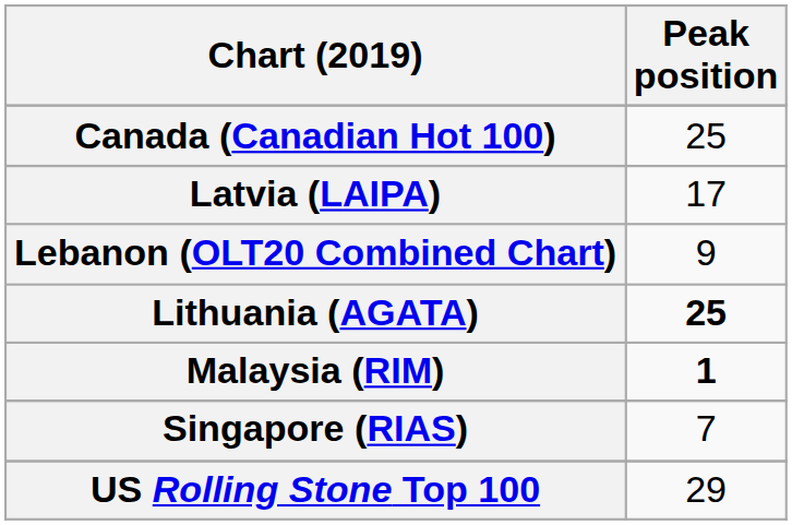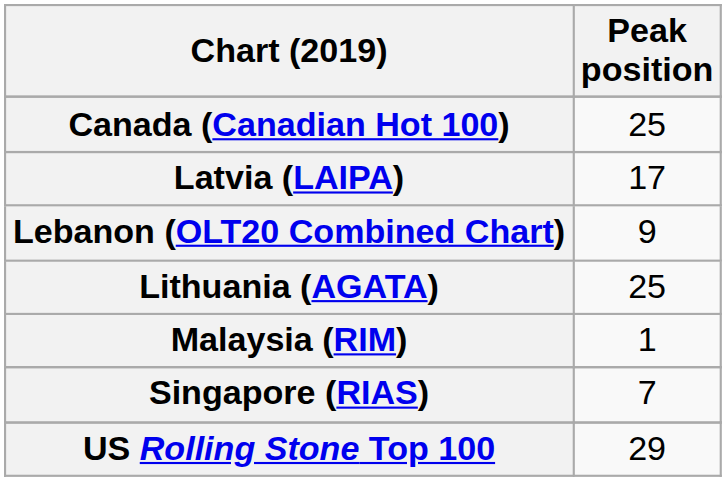 <table class="wikitable sortable plainrowheaders" style="text-align:center">
 <tr>
 <th scope="col">Chart (2019)</th>
 <th scope="col">Peak<br>position</th>
 </tr>
 <tr>
 </tr>
 <tr>
 </tr>
 <tr>
 </tr>
 <tr>
 <th scope="row">Canada (<a href='#'>Canadian Hot 100</a>)</th>
 <td>25</td>
 </tr>
 <tr>
 </tr>
 <tr>
 </tr>
 <tr>
 </tr>
 <tr>
 </tr>
 <tr>
 </tr>
 <tr>
 <th scope="row">Latvia (<a href='#'>LAIPA</a>)</th>
 <td>17</td>
 </tr>
 <tr>
 <th scope="row">Lebanon (<a href='#'>OLT20 Combined Chart</a>)</th>
 <td>9</td>
 </tr>
 <tr>
 <th scope="row">Lithuania (<a href='#'>AGATA</a>)</th>
-<td><strong>25</strong></td>
+<td>25</td>
 </tr>
 <tr>
 <th scope="row">Malaysia (<a href='#'>RIM</a>)</th>
-<td><strong>1</strong></td>
+<td>1</td>
 </tr>
 <tr>
 </tr>
 <tr>
 </tr>
 <tr>
 </tr>
 <tr>
 </tr>
 <tr>
 <th scope="row">Singapore (<a href='#'>RIAS</a>)</th>
 <td>7</td>
 </tr>
 <tr>
 </tr>
 <tr>
 </tr>
 <tr>
 </tr>
 <tr>
 </tr>
 <tr>
 </tr>
 <tr>
 </tr>
 <tr>
 <th scope="row">US <a href='#'><em>Rolling Stone</em> Top 100</a></th>
 <td>29</td>
 </tr>
 </table>
